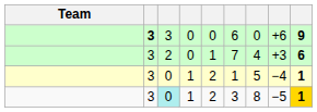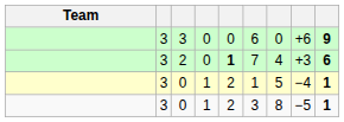 <table class="wikitable" style="text-align: center;">
 <tr>
 <th width=165>Team</th>
 <th wiBAN=20></th>
 <th width=20></th>
 <th width=20></th>
 <th width=20></th>
 <th width=20></th>
 <th width=20></th>
 <th width=20></th>
 <th width=20></th>
 </tr>
 <tr bgcolor=ccffcc>
 <td align=left></td>
-<td><strong>3</strong></td>
+<td>3</td>
 <td>3</td>
 <td>0</td>
 <td>0</td>
 <td>6</td>
 <td>0</td>
 <td>+6</td>
 <td><strong>9</strong></td>
 </tr>
 <tr bgcolor=ccffcc>
 <td align=left></td>
 <td>3</td>
 <td>2</td>
 <td>0</td>
-<td>1</td>
+<td><strong>1</strong></td>
 <td>7</td>
 <td>4</td>
 <td>+3</td>
 <td><strong>6</strong></td>
 </tr>
 <tr bgcolor=ffffcc>
 <td align=left></td>
 <td>3</td>
 <td>0</td>
 <td>1</td>
 <td>2</td>
 <td>1</td>
 <td>5</td>
 <td>−4</td>
 <td><strong>1</strong></td>
 </tr>
 <tr>
 <td align=left></td>
 <td>3</td>
-<td style="background: paleturquoise;">0</td>
+<td>0</td>
 <td>1</td>
 <td>2</td>
 <td>3</td>
 <td>8</td>
 <td>−5</td>
-<td style="background: gold;"><strong>1</strong></td>
+<td><strong>1</strong></td>
 </tr>
 </table>
